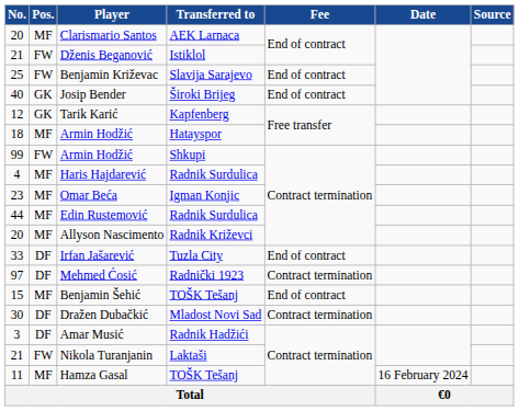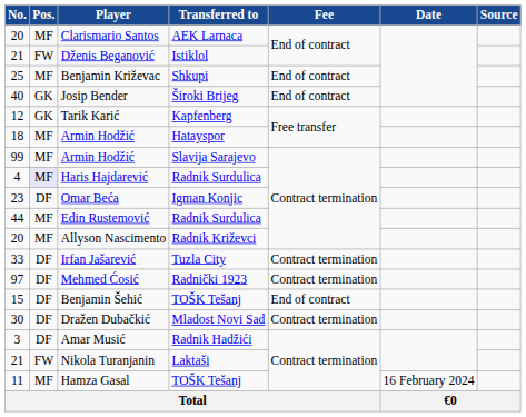 <table class="wikitable plainrowheaders sortable">
 <tr>
 <th style="background:#18488f; color:#FFFFFF; ">No.</th>
 <th style="background:#18488f; color:#FFFFFF; ">Pos.</th>
 <th style="background:#18488f; color:#FFFFFF; ">Player</th>
 <th style="background:#18488f; color:#FFFFFF; ">Transferred to</th>
 <th style="background:#18488f; color:#FFFFFF; ">Fee</th>
 <th style="background:#18488f; color:#FFFFFF; ">Date</th>
 <th style="background:#18488f; color:#FFFFFF; ">Source</th>
 </tr>
 <tr>
 <td align=center>20</td>
 <td align=center>MF</td>
 <td> <a href='#'>Clarismario Santos</a></td>
 <td> <a href='#'>AEK Larnaca</a></td>
 <td rowspan=2>End of contract</td>
 <td rowspan=4></td>
 <td align=center></td>
 </tr>
 <tr>
 <td align=center>21</td>
 <td align=center>FW</td>
 <td> <a href='#'>Dženis Beganović</a></td>
 <td> <a href='#'>Istiklol</a></td>
 <td align=center></td>
 </tr>
 <tr>
 <td align=center>25</td>
-<td align=center>FW</td>
+<td align=center>MF</td>
 <td> Benjamin Križevac</td>
-<td><a href='#'>Slavija Sarajevo</a></td>
+<td> <a href='#'>Shkupi</a></td>
 <td>End of contract</td>
 <td align=center></td>
 </tr>
 <tr>
 <td align=center>40</td>
 <td align=center>GK</td>
 <td> Josip Bender</td>
 <td><a href='#'>Široki Brijeg</a></td>
 <td>End of contract</td>
 <td align=center></td>
 </tr>
 <tr>
 <td align=center>12</td>
 <td align=center>GK</td>
 <td> Tarik Karić</td>
 <td> <a href='#'>Kapfenberg</a></td>
 <td rowspan=2>Free transfer</td>
 <td></td>
 <td align=center></td>
 </tr>
 <tr>
 <td align=center>18</td>
 <td align=center>MF</td>
 <td> <a href='#'>Armin Hodžić</a></td>
 <td> <a href='#'>Hatayspor</a></td>
 <td></td>
 <td align=center></td>
 </tr>
 <tr>
 <td align=center>99</td>
-<td align=center>FW</td>
+<td align=center>MF</td>
 <td> <a href='#'>Armin Hodžić</a></td>
-<td> <a href='#'>Shkupi</a></td>
+<td><a href='#'>Slavija Sarajevo</a></td>
 <td rowspan=5>Contract termination</td>
 <td></td>
 <td align=center></td>
 </tr>
 <tr>
 <td align=center>4</td>
-<td align=center>MF</td>
+<td align=center style="background: lavender;">MF</td>
 <td> <a href='#'>Haris Hajdarević</a></td>
 <td> <a href='#'>Radnik Surdulica</a></td>
 <td></td>
 <td align=center></td>
 </tr>
 <tr>
 <td align=center>23</td>
-<td align=center>MF</td>
+<td align=center>DF</td>
 <td> <a href='#'>Omar Beća</a></td>
 <td><a href='#'>Igman Konjic</a></td>
 <td></td>
 <td align=center></td>
 </tr>
 <tr>
 <td align=center>44</td>
 <td align=center>MF</td>
 <td> <a href='#'>Edin Rustemović</a></td>
 <td> <a href='#'>Radnik Surdulica</a></td>
 <td></td>
 <td align=center></td>
 </tr>
 <tr>
 <td align=center>20</td>
 <td align=center>MF</td>
 <td> Allyson Nascimento</td>
 <td> <a href='#'>Radnik Križevci</a></td>
 <td></td>
 <td align=center></td>
 </tr>
 <tr>
 <td align=center>33</td>
 <td align=center>DF</td>
 <td> <a href='#'>Irfan Jašarević</a></td>
 <td><a href='#'>Tuzla City</a></td>
-<td>End of contract</td>
+<td>Contract termination</td>
 <td></td>
 <td align=center></td>
 </tr>
 <tr>
 <td align=center>97</td>
 <td align=center>DF</td>
 <td> <a href='#'>Mehmed Ćosić</a></td>
 <td> <a href='#'>Radnički 1923</a></td>
 <td>Contract termination</td>
 <td></td>
 <td align=center></td>
 </tr>
 <tr>
 <td align=center>15</td>
-<td align=center>MF</td>
+<td align=center>DF</td>
 <td> Benjamin Šehić</td>
 <td><a href='#'>TOŠK Tešanj</a></td>
 <td>End of contract</td>
 <td></td>
 <td align=center></td>
 </tr>
 <tr>
 <td align=center>30</td>
 <td align=center>DF</td>
 <td> Dražen Dubačkić</td>
 <td> <a href='#'>Mladost Novi Sad</a></td>
 <td>Contract termination</td>
 <td></td>
 <td align=center></td>
 </tr>
 <tr>
 <td align=center>3</td>
 <td align=center>DF</td>
 <td> Amar Musić</td>
 <td><a href='#'>Radnik Hadžići</a></td>
 <td rowspan=3>Contract termination</td>
 <td rowspan=2></td>
 <td align=center></td>
 </tr>
 <tr>
 <td align=center>21</td>
 <td align=center>FW</td>
 <td> Nikola Turanjanin</td>
 <td><a href='#'>Laktaši</a></td>
 <td align=center></td>
 </tr>
 <tr>
 <td align=center>11</td>
 <td align=center>MF</td>
 <td> Hamza Gasal</td>
 <td><a href='#'>TOŠK Tešanj</a></td>
 <td>16 February 2024</td>
 <td align=center></td>
 </tr>
 <tr>
 <th colspan="5">Total</th>
 <th colspan="2">€0</th>
 </tr>
 </table>
